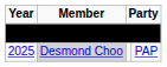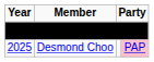 <table class="wikitable" align="center" style="text-align:center">
 <tr>
 <td><strong>Year</strong></td>
 <td><strong>Member</strong></td>
 <td colspan="2"><strong>Party</strong></td>
 </tr>
 <tr>
 <td colspan=4 bgcolor=black><span><strong>Formation</strong></span></td>
 </tr>
 <tr>
 <td><a href='#'>2025</a></td>
-<td style="background: lightgrey;"><a href='#'>Desmond Choo</a></td>
+<td><a href='#'>Desmond Choo</a></td>
 <td></td>
-<td><a href='#'>PAP</a></td>
+<td style="background: pink;"><a href='#'>PAP</a></td>
 </tr>
 </table>
